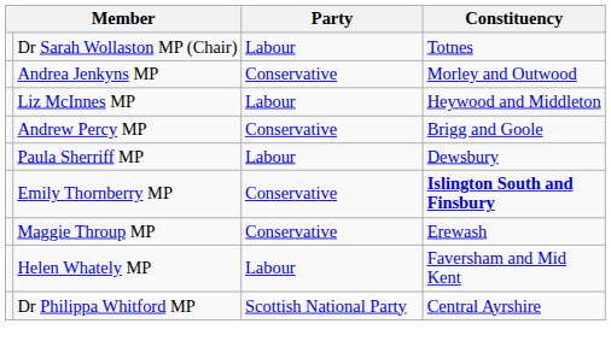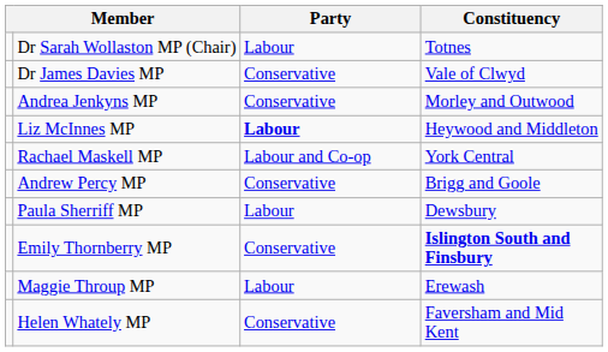 <table class="wikitable">
 <tr>
 <th width="160px" colspan="2" valign="top">Member</th>
 <th width="160px" valign="top">Party</th>
 <th width="160px" valign="top">Constituency</th>
 </tr>
 <tr>
 <td style="color:inherit;background:"></td>
 <td>Dr <a href='#'>Sarah Wollaston</a> MP (Chair)</td>
 <td><a href='#'>Labour</a></td>
 <td><a href='#'>Totnes</a></td>
 </tr>
 <tr>
 <td style="color:inherit;background:"></td>
+<td>Dr <a href='#'>James Davies</a> MP</td>
+<td><a href='#'>Conservative</a></td>
+<td><a href='#'>Vale of Clwyd</a></td>
+</tr>
+<tr>
+<td style="color:inherit;background:"></td>
 <td><a href='#'>Andrea Jenkyns</a> MP</td>
 <td><a href='#'>Conservative</a></td>
 <td><a href='#'>Morley and Outwood</a></td>
 </tr>
 <tr>
 <td style="color:inherit;background:"></td>
 <td><a href='#'>Liz McInnes</a> MP</td>
-<td><a href='#'>Labour</a></td>
+<td><strong><a href='#'>Labour</a></strong></td>
 <td><a href='#'>Heywood and Middleton</a></td>
+</tr>
+<tr>
+<td style="color:inherit;background:"></td>
+<td><a href='#'>Rachael Maskell</a> MP</td>
+<td><a href='#'>Labour and Co-op</a></td>
+<td><a href='#'>York Central</a></td>
 </tr>
 <tr>
 <td style="color:inherit;background:"></td>
 <td><a href='#'>Andrew Percy</a> MP</td>
 <td><a href='#'>Conservative</a></td>
 <td><a href='#'>Brigg and Goole</a></td>
 </tr>
 <tr>
 <td style="color:inherit;background:"></td>
 <td><a href='#'>Paula Sherriff</a> MP</td>
 <td><a href='#'>Labour</a></td>
 <td><a href='#'>Dewsbury</a></td>
 </tr>
 <tr>
 <td style="color:inherit;background:"></td>
 <td><a href='#'>Emily Thornberry</a> MP</td>
 <td><a href='#'>Conservative</a></td>
 <td><strong><a href='#'>Islington South and Finsbury</a></strong></td>
 </tr>
 <tr>
 <td style="color:inherit;background:"></td>
 <td><a href='#'>Maggie Throup</a> MP</td>
-<td><a href='#'>Conservative</a></td>
+<td><a href='#'>Labour</a></td>
 <td><a href='#'>Erewash</a></td>
 </tr>
 <tr>
 <td style="color:inherit;background:"></td>
 <td><a href='#'>Helen Whately</a> MP</td>
-<td><a href='#'>Labour</a></td>
+<td><a href='#'>Conservative</a></td>
 <td><a href='#'>Faversham and Mid Kent</a></td>
 </tr>
-<tr>
-<td style="color:inherit;background:"></td>
-<td>Dr <a href='#'>Philippa Whitford</a> MP</td>
-<td><a href='#'>Scottish National Party</a></td>
-<td><a href='#'>Central Ayrshire</a></td>
-</tr>
 </table>
